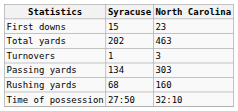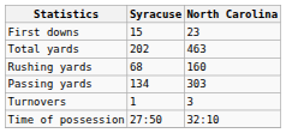 <table class="wikitable">
 <tr>
 <th>Statistics</th>
 <th>Syracuse</th>
 <th>North Carolina</th>
 </tr>
 <tr>
 <td>First downs</td>
 <td>15</td>
 <td>23</td>
 </tr>
 <tr>
 <td>Total yards</td>
 <td>202</td>
 <td>463</td>
 </tr>
 <tr>
-<td>Turnovers</td>
-<td>1</td>
-<td>3</td>
+<td>Rushing yards</td>
+<td>68</td>
+<td>160</td>
 </tr>
 <tr>
 <td>Passing yards</td>
 <td>134</td>
 <td>303</td>
 </tr>
 <tr>
-<td>Rushing yards</td>
-<td>68</td>
-<td>160</td>
+<td>Turnovers</td>
+<td>1</td>
+<td>3</td>
 </tr>
 <tr>
 <td>Time of possession</td>
 <td>27:50</td>
 <td>32:10</td>
 </tr>
 <tr>
 </tr>
 </table>
